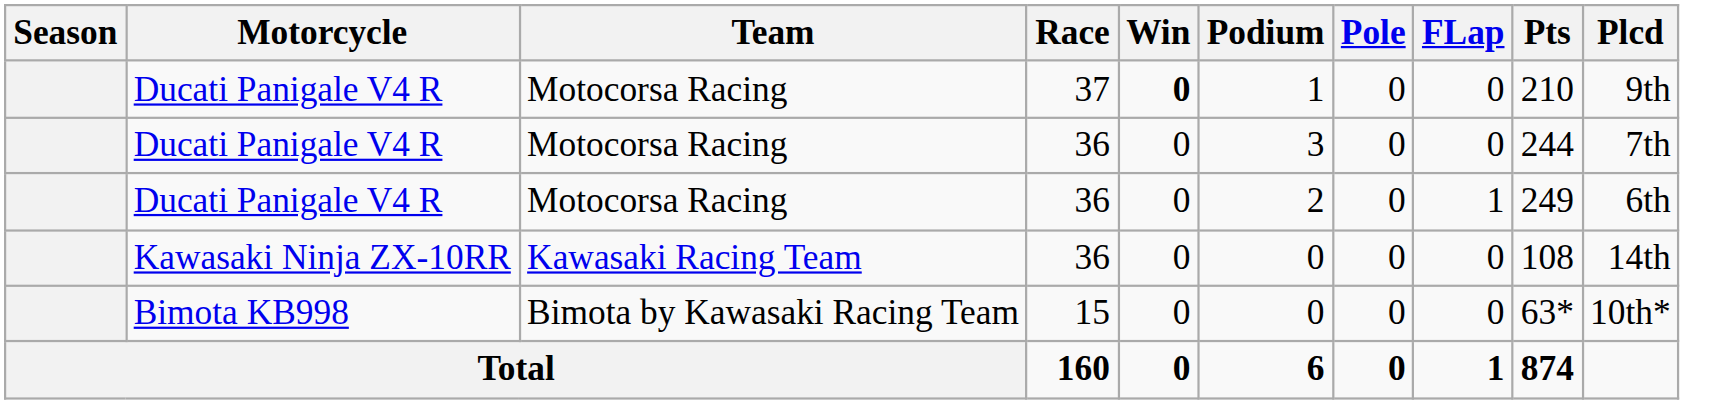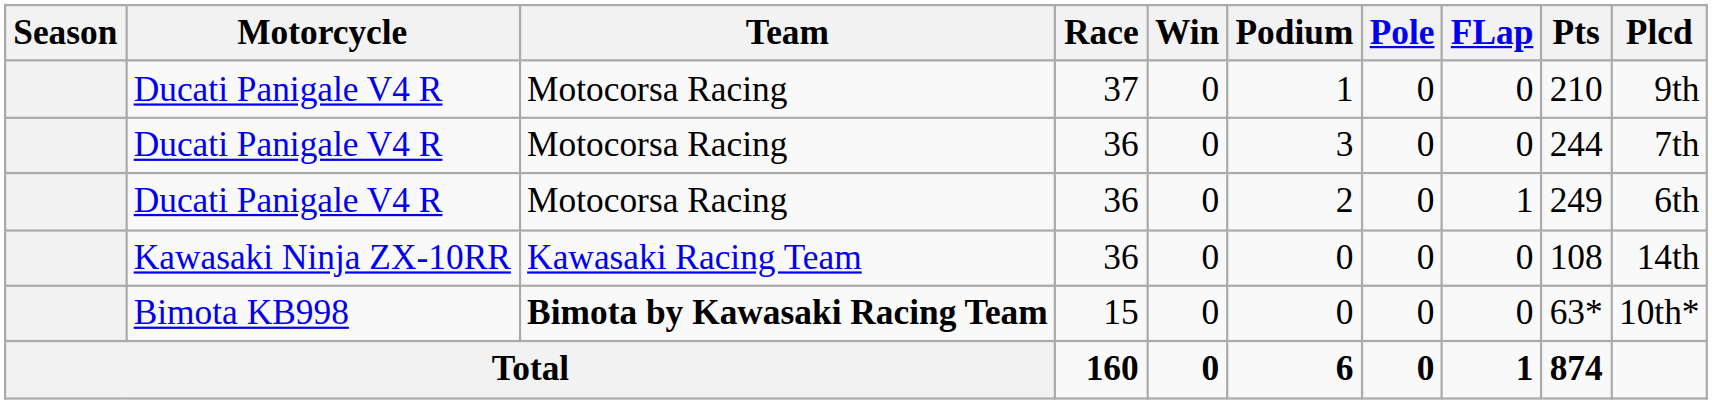 <table class="wikitable" style="text-align:right;">
 <tr>
 <th>Season</th>
 <th>Motorcycle</th>
 <th>Team</th>
 <th>Race</th>
 <th>Win</th>
 <th>Podium</th>
 <th><a href='#'>Pole</a></th>
 <th><a href='#'>FLap</a></th>
 <th>Pts</th>
 <th>Plcd</th>
 </tr>
 <tr>
 <th></th>
 <td style="text-align:left;"><a href='#'>Ducati Panigale V4 R</a></td>
 <td style="text-align:left;">Motocorsa Racing</td>
 <td>37</td>
-<td><strong>0</strong></td>
+<td>0</td>
 <td>1</td>
 <td>0</td>
 <td>0</td>
 <td>210</td>
 <td>9th</td>
 </tr>
 <tr>
 <th></th>
 <td style="text-align:left;"><a href='#'>Ducati Panigale V4 R</a></td>
 <td style="text-align:left;">Motocorsa Racing</td>
 <td>36</td>
 <td>0</td>
 <td>3</td>
 <td>0</td>
 <td>0</td>
 <td>244</td>
 <td>7th</td>
 </tr>
 <tr>
 <th></th>
 <td style="text-align:left;"><a href='#'>Ducati Panigale V4 R</a></td>
 <td style="text-align:left;">Motocorsa Racing</td>
 <td>36</td>
 <td>0</td>
 <td>2</td>
 <td>0</td>
 <td>1</td>
 <td>249</td>
 <td>6th</td>
 </tr>
 <tr>
 <th></th>
 <td style="text-align:left;"><a href='#'>Kawasaki Ninja ZX-10RR</a></td>
 <td style="text-align:left;"><a href='#'>Kawasaki Racing Team</a></td>
 <td>36</td>
 <td>0</td>
 <td>0</td>
 <td>0</td>
 <td>0</td>
 <td>108</td>
 <td>14th</td>
 </tr>
 <tr>
 <th></th>
 <td style="text-align:left;"><a href='#'>Bimota KB998</a></td>
-<td style="text-align:left;">Bimota by Kawasaki Racing Team</td>
+<td style="text-align:left;"><strong>Bimota by Kawasaki Racing Team</strong></td>
 <td>15</td>
 <td>0</td>
 <td>0</td>
 <td>0</td>
 <td>0</td>
 <td>63*</td>
 <td>10th*</td>
 </tr>
 <tr>
 <th colspan="3">Total</th>
 <td><strong>160</strong></td>
 <td><strong>0</strong></td>
 <td><strong>6</strong></td>
 <td><strong>0</strong></td>
 <td><strong>1</strong></td>
 <td><strong>874</strong></td>
 <td></td>
 </tr>
 </table>
